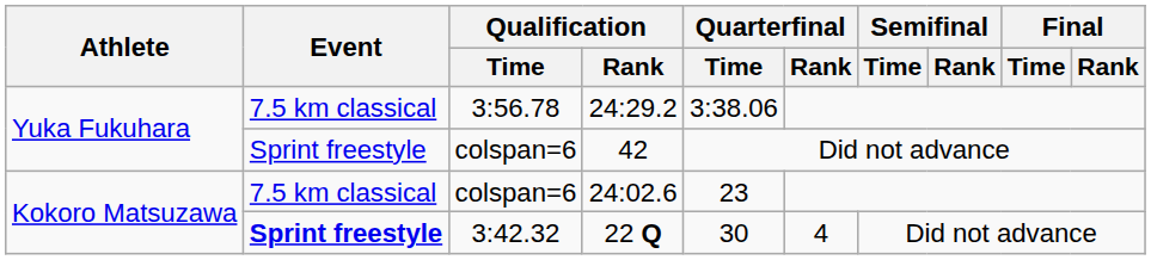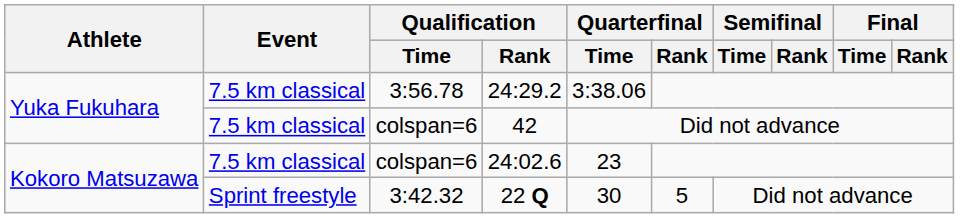 <table class="wikitable" style="font-size:90%">
 <tr>
 <th rowspan="2">Athlete</th>
 <th rowspan="2">Event</th>
 <th colspan="2">Qualification</th>
 <th colspan="2">Quarterfinal</th>
 <th colspan="2">Semifinal</th>
 <th colspan="2">Final</th>
 </tr>
 <tr style="font-size:95%">
 <th>Time</th>
 <th>Rank</th>
 <th>Time</th>
 <th>Rank</th>
 <th>Time</th>
 <th>Rank</th>
 <th>Time</th>
 <th>Rank</th>
 </tr>
 <tr align=center>
 <td align=left rowspan=2><a href='#'>Yuka Fukuhara</a></td>
 <td align=left><a href='#'>7.5 km classical</a></td>
 <td>3:56.78</td>
 <td>24:29.2</td>
 <td>3:38.06</td>
 </tr>
 <tr align=center>
-<td align=left><a href='#'>Sprint freestyle</a></td>
+<td align=left><a href='#'>7.5 km classical</a></td>
 <td>colspan=6</td>
 <td>42</td>
 <td colspan=6>Did not advance</td>
 </tr>
 <tr align=center>
 <td align=left rowspan=2><a href='#'>Kokoro Matsuzawa</a></td>
 <td align=left><a href='#'>7.5 km classical</a></td>
 <td>colspan=6</td>
 <td>24:02.6</td>
 <td>23</td>
 </tr>
 <tr align=center>
-<td align=left><strong><a href='#'>Sprint freestyle</a></strong></td>
+<td align=left><a href='#'>Sprint freestyle</a></td>
 <td>3:42.32</td>
 <td>22 <strong>Q</strong></td>
 <td>30</td>
-<td>4</td>
+<td>5</td>
 <td colspan=4>Did not advance</td>
 </tr>
 </table>
